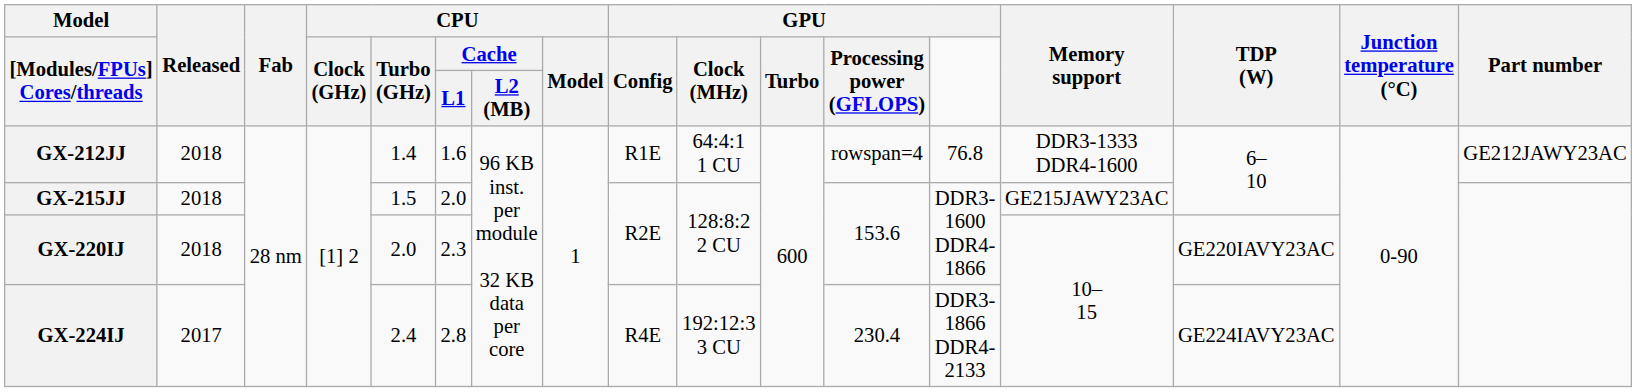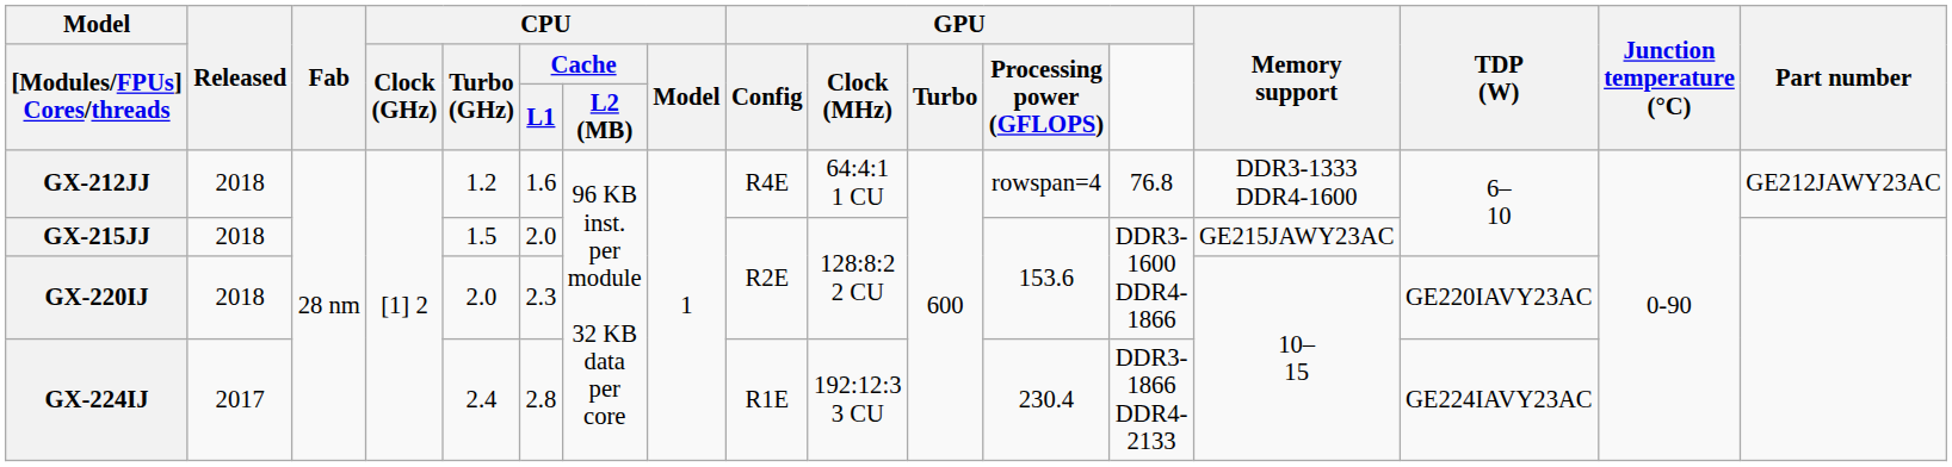 <table class="wikitable sortable sort-under" style="text-align: center">
 <tr>
 <th>Model</th>
 <th rowspan="3">Released</th>
 <th rowspan="3">Fab</th>
 <th colspan="5">CPU</th>
 <th colspan="5">GPU</th>
 <th rowspan="3">Memory<br>support</th>
 <th rowspan="3">TDP<br>(W)</th>
 <th rowspan="3"><a href='#'>Junction temperature</a> (°C)</th>
 <th rowspan="3">Part number</th>
 </tr>
 <tr>
 <th rowspan="2">[Modules/<a href='#'>FPUs</a>]<br><a href='#'>Cores</a>/<a href='#'>threads</a></th>
 <th rowspan="2">Clock<br>(GHz)</th>
 <th rowspan="2">Turbo<br>(GHz)</th>
 <th colspan="2"><a href='#'>Cache</a></th>
 <th rowspan="2">Model</th>
 <th rowspan="2">Config</th>
 <th rowspan="2">Clock<br>(MHz)</th>
 <th rowspan="2">Turbo</th>
 <th rowspan="2">Processing<br>power<br>(<a href='#'>GFLOPS</a>)</th>
 </tr>
 <tr>
 <th><a href='#'>L1</a></th>
 <th><a href='#'>L2</a><br>(MB)</th>
 </tr>
 <tr>
 <th>GX-212JJ</th>
 <td>2018</td>
 <td rowspan="4">28 nm</td>
 <td rowspan="4">[1] 2</td>
-<td>1.4</td>
+<td>1.2</td>
 <td>1.6</td>
 <td rowspan="4">96 KB inst.<br>per module<br><br>32 KB data<br>per core</td>
 <td rowspan=4>1</td>
-<td>R1E</td>
+<td>R4E</td>
 <td>64:4:1<br>1 CU</td>
 <td rowspan="4">600</td>
 <td>rowspan=4 </td>
 <td>76.8</td>
 <td>DDR3-1333<br>DDR4-1600</td>
 <td rowspan="2">6–<br>10</td>
 <td rowspan="4">0-90</td>
 <td>GE212JAWY23AC</td>
 </tr>
 <tr>
 <th>GX-215JJ</th>
 <td>2018</td>
 <td>1.5</td>
 <td>2.0</td>
 <td rowspan="2">R2E</td>
 <td rowspan="2">128:8:2<br>2 CU</td>
 <td rowspan="2">153.6</td>
 <td rowspan="2">DDR3-1600<br>DDR4-1866</td>
 <td>GE215JAWY23AC</td>
 </tr>
 <tr>
 <th>GX-220IJ</th>
 <td>2018</td>
 <td>2.0</td>
 <td>2.3</td>
 <td rowspan="2">10–<br>15</td>
 <td>GE220IAVY23AC</td>
 </tr>
 <tr>
 <th>GX-224IJ</th>
 <td>2017</td>
 <td>2.4</td>
 <td>2.8</td>
-<td>R4E</td>
+<td>R1E</td>
 <td>192:12:3<br>3 CU</td>
 <td>230.4</td>
 <td>DDR3-1866<br>DDR4-2133</td>
 <td>GE224IAVY23AC</td>
 </tr>
 </table>
